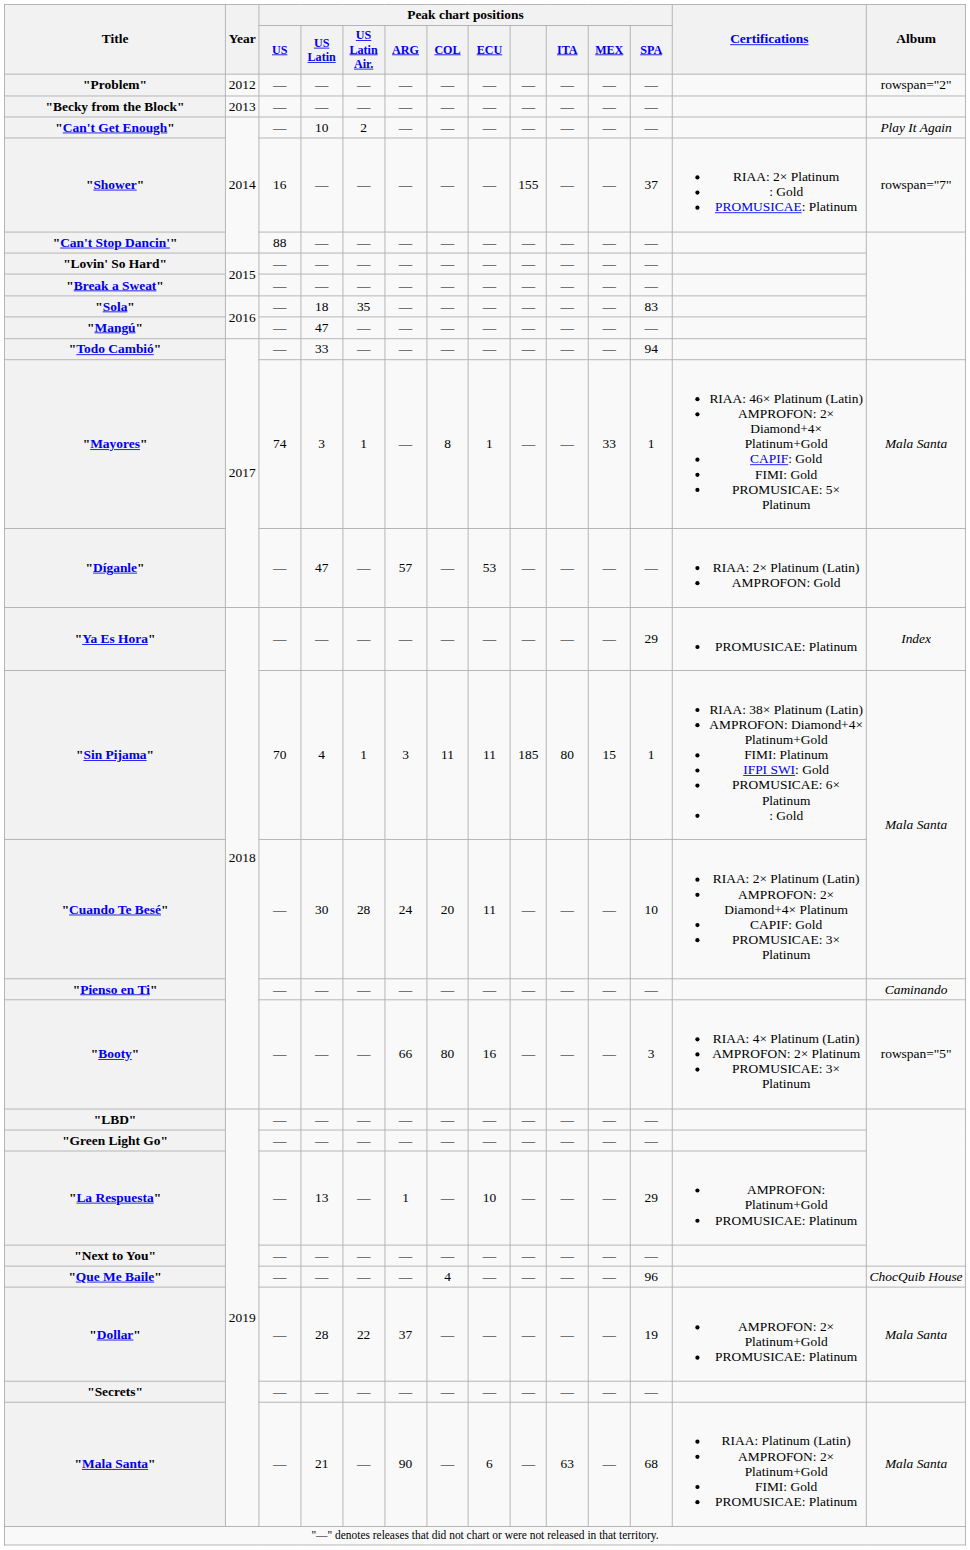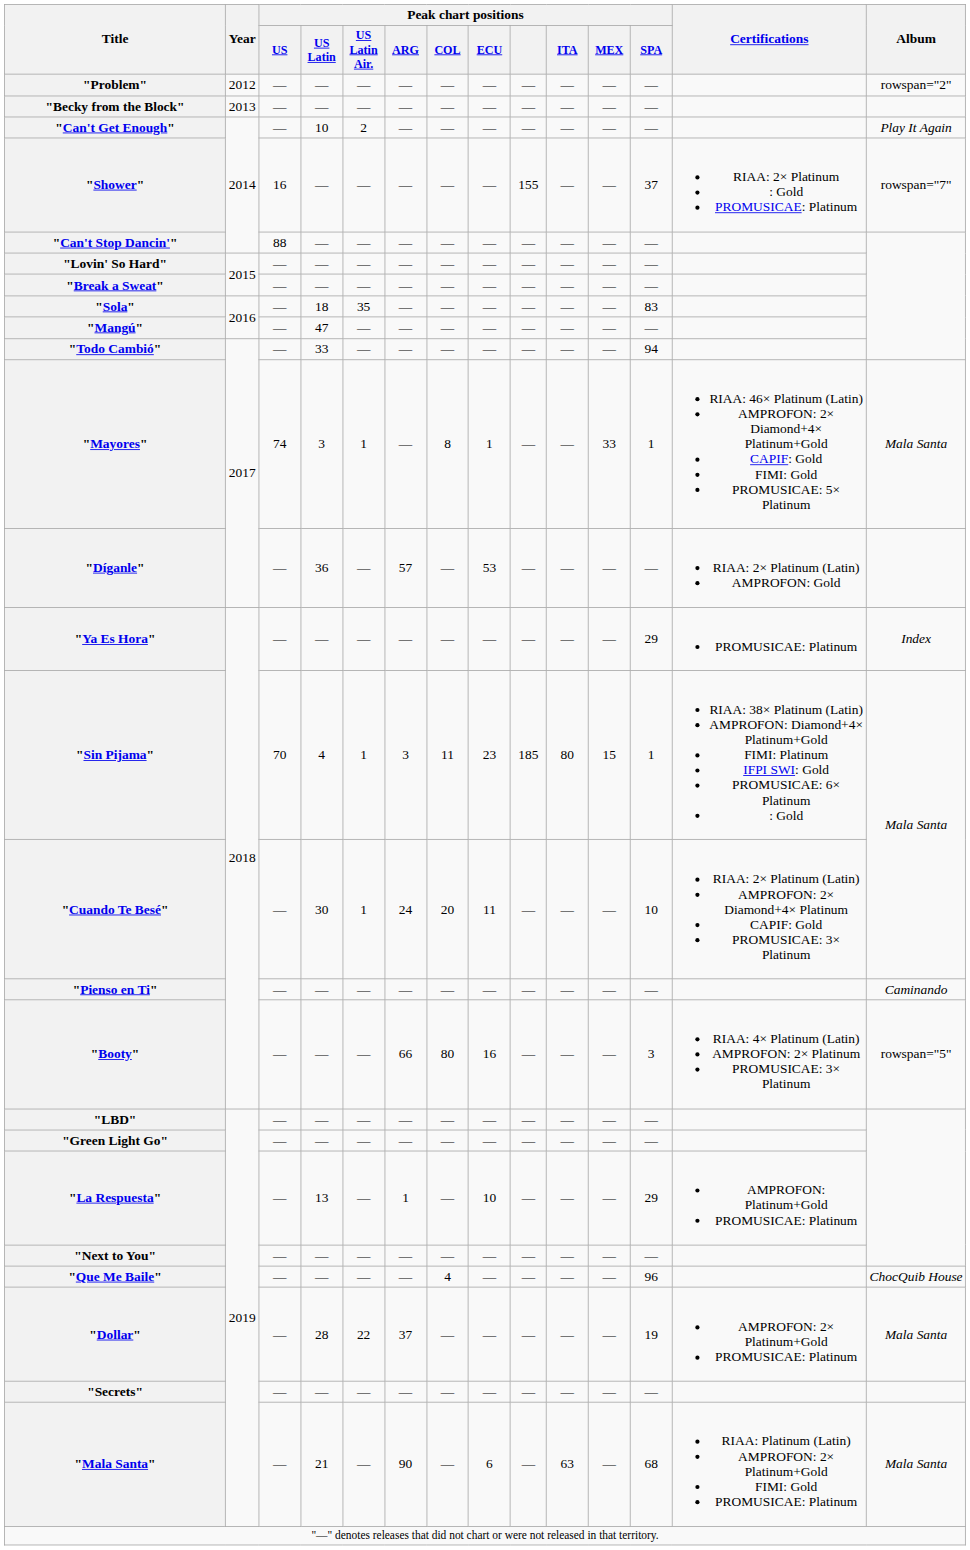 <table class="wikitable plainrowheaders" style="text-align:center;">
 <tr>
 <th scope="col" rowspan="2" style="width:16em;">Title</th>
 <th scope="col" rowspan="2" style="width:1em;">Year</th>
 <th scope="col" colspan="10">Peak chart positions</th>
 <th scope="col" rowspan="2" style="width:14em;"><a href='#'>Certifications</a></th>
 <th scope="col" rowspan="2">Album</th>
 </tr>
 <tr>
 <th scope="col" style="width:3em;font-size:90%;"><a href='#'>US</a><br></th>
 <th scope="col" style="width:3em;font-size:90%;"><a href='#'>US<br>Latin</a><br></th>
 <th scope="col" style="width:3em;font-size:90%;"><a href='#'>US<br>Latin<br>Air.</a><br></th>
 <th scope="col" style="width:3em;font-size:90%;"><a href='#'>ARG</a><br></th>
 <th scope="col" style="width:3em;font-size:90%;"><a href='#'>COL</a><br></th>
 <th scope="col" style="width:3em;font-size:90%;"><a href='#'>ECU</a><br></th>
 <th scope="col" style="width:2.5em;font-size:90%;"><a href='#'></a><br></th>
 <th scope="col" style="width:3em;font-size:90%;"><a href='#'>ITA</a><br></th>
 <th scope="col" style="width:3em;font-size:90%;"><a href='#'>MEX</a><br></th>
 <th scope="col" style="width:3em;font-size:90%;"><a href='#'>SPA</a><br></th>
 </tr>
 <tr>
 <th scope="row">"Problem"<br></th>
 <td>2012</td>
 <td>—</td>
 <td>—</td>
 <td>—</td>
 <td>—</td>
 <td>—</td>
 <td>—</td>
 <td>—</td>
 <td>—</td>
 <td>—</td>
 <td>—</td>
 <td></td>
 <td>rowspan="2" </td>
 </tr>
 <tr>
 <th scope="row">"Becky from the Block"</th>
 <td>2013</td>
 <td>—</td>
 <td>—</td>
 <td>—</td>
 <td>—</td>
 <td>—</td>
 <td>—</td>
 <td>—</td>
 <td>—</td>
 <td>—</td>
 <td>—</td>
 <td></td>
 </tr>
 <tr>
 <th scope="row">"<a href='#'>Can't Get Enough</a>"<br></th>
 <td rowspan="3">2014</td>
 <td>—</td>
 <td>10</td>
 <td>2</td>
 <td>—</td>
 <td>—</td>
 <td>—</td>
 <td>—</td>
 <td>—</td>
 <td>—</td>
 <td>—</td>
 <td></td>
 <td><em>Play It Again</em></td>
 </tr>
 <tr>
 <th scope="row">"<a href='#'>Shower</a>"</th>
 <td>16</td>
 <td>—</td>
 <td>—</td>
 <td>—</td>
 <td>—</td>
 <td>—</td>
 <td>155</td>
 <td>—</td>
 <td>—</td>
 <td>37</td>
 <td><br><ul><li>RIAA: 2× Platinum</li><li><a href='#'></a>: Gold</li><li><a href='#'>PROMUSICAE</a>: Platinum</li></ul></td>
 <td>rowspan="7" </td>
 </tr>
 <tr>
 <th scope="row">"<a href='#'>Can't Stop Dancin'</a>"</th>
 <td>88</td>
 <td>—</td>
 <td>—</td>
 <td>—</td>
 <td>—</td>
 <td>—</td>
 <td>—</td>
 <td>—</td>
 <td>—</td>
 <td>—</td>
 <td></td>
 </tr>
 <tr>
 <th scope="row">"Lovin' So Hard"</th>
 <td rowspan="2">2015</td>
 <td>—</td>
 <td>—</td>
 <td>—</td>
 <td>—</td>
 <td>—</td>
 <td>—</td>
 <td>—</td>
 <td>—</td>
 <td>—</td>
 <td>—</td>
 <td></td>
 </tr>
 <tr>
 <th scope="row">"<a href='#'>Break a Sweat</a>"</th>
 <td>—</td>
 <td>—</td>
 <td>—</td>
 <td>—</td>
 <td>—</td>
 <td>—</td>
 <td>—</td>
 <td>—</td>
 <td>—</td>
 <td>—</td>
 <td></td>
 </tr>
 <tr>
 <th scope="row">"<a href='#'>Sola</a>"</th>
 <td rowspan="2">2016</td>
 <td>—</td>
 <td>18</td>
 <td>35</td>
 <td>—</td>
 <td>—</td>
 <td>—</td>
 <td>—</td>
 <td>—</td>
 <td>—</td>
 <td>83</td>
 <td></td>
 </tr>
 <tr>
 <th scope="row">"<a href='#'>Mangú</a>"</th>
 <td>—</td>
 <td>47</td>
 <td>—</td>
 <td>—</td>
 <td>—</td>
 <td>—</td>
 <td>—</td>
 <td>—</td>
 <td>—</td>
 <td>—</td>
 <td></td>
 </tr>
 <tr>
 <th scope="row">"<a href='#'>Todo Cambió</a>"</th>
 <td rowspan="3">2017</td>
 <td>—</td>
 <td>33</td>
 <td>—</td>
 <td>—</td>
 <td>—</td>
 <td>—</td>
 <td>—</td>
 <td>—</td>
 <td>—</td>
 <td>94</td>
 <td></td>
 </tr>
 <tr>
 <th scope="row">"<a href='#'>Mayores</a>"<br></th>
 <td>74</td>
 <td>3</td>
 <td>1</td>
 <td>—</td>
 <td>8</td>
 <td>1</td>
 <td>—</td>
 <td>—</td>
 <td>33</td>
 <td>1</td>
 <td><br><ul><li>RIAA: 46× Platinum <span>(Latin)</span></li><li>AMPROFON: 2× Diamond+4× Platinum+Gold</li><li><a href='#'>CAPIF</a>: Gold</li><li>FIMI: Gold</li><li>PROMUSICAE: 5× Platinum</li></ul></td>
 <td><em>Mala Santa</em></td>
 </tr>
 <tr>
 <th scope="row">"<a href='#'>Díganle</a>"<br></th>
 <td>—</td>
-<td>47</td>
+<td>36</td>
 <td>—</td>
 <td>57</td>
 <td>—</td>
 <td>53</td>
 <td>—</td>
 <td>—</td>
 <td>—</td>
 <td>—</td>
 <td><br><ul><li>RIAA: 2× Platinum <span>(Latin)</span></li><li>AMPROFON: Gold</li></ul></td>
 <td></td>
 </tr>
 <tr>
 <th scope="row">"<a href='#'>Ya Es Hora</a>"<br></th>
 <td rowspan="5">2018</td>
 <td>—</td>
 <td>—</td>
 <td>—</td>
 <td>—</td>
 <td>—</td>
 <td>—</td>
 <td>—</td>
 <td>—</td>
 <td>—</td>
 <td>29</td>
 <td><br><ul><li>PROMUSICAE: Platinum</li></ul></td>
 <td><em>Index </em></td>
 </tr>
 <tr>
 <th scope="row">"<a href='#'>Sin Pijama</a>"<br></th>
 <td>70</td>
 <td>4</td>
 <td>1</td>
 <td>3</td>
 <td>11</td>
-<td>11</td>
+<td>23</td>
 <td>185</td>
 <td>80</td>
 <td>15</td>
 <td>1</td>
 <td><br><ul><li>RIAA: 38× Platinum <span>(Latin)</span></li><li>AMPROFON: Diamond+4× Platinum+Gold</li><li>FIMI: Platinum</li><li><a href='#'>IFPI SWI</a>: Gold</li><li>PROMUSICAE: 6× Platinum</li><li><a href='#'></a>: Gold</li></ul></td>
 <td rowspan="2"><em>Mala Santa</em></td>
 </tr>
 <tr>
 <th scope="row">"<a href='#'>Cuando Te Besé</a>"<br></th>
 <td>—</td>
 <td>30</td>
-<td>28</td>
+<td>1</td>
 <td>24</td>
 <td>20</td>
 <td>11</td>
 <td>—</td>
 <td>—</td>
 <td>—</td>
 <td>10</td>
 <td><br><ul><li>RIAA: 2× Platinum <span>(Latin)</span></li><li>AMPROFON: 2× Diamond+4× Platinum</li><li>CAPIF: Gold</li><li>PROMUSICAE: 3× Platinum</li></ul></td>
 </tr>
 <tr>
 <th scope="row">"<a href='#'>Pienso en Ti</a>"<br></th>
 <td>—</td>
 <td>—</td>
 <td>—</td>
 <td>—</td>
 <td>—</td>
 <td>—</td>
 <td>—</td>
 <td>—</td>
 <td>—</td>
 <td>—</td>
 <td></td>
 <td><em>Caminando</em></td>
 </tr>
 <tr>
 <th scope="row">"<a href='#'>Booty</a>"<br></th>
 <td>—</td>
 <td>—</td>
 <td>—</td>
 <td>66</td>
 <td>80</td>
 <td>16</td>
 <td>—</td>
 <td>—</td>
 <td>—</td>
 <td>3</td>
 <td><br><ul><li>RIAA: 4× Platinum <span>(Latin)</span></li><li>AMPROFON: 2× Platinum</li><li>PROMUSICAE: 3× Platinum</li></ul></td>
 <td>rowspan="5" </td>
 </tr>
 <tr>
 <th scope="row">"LBD"</th>
 <td rowspan="8">2019</td>
 <td>—</td>
 <td>—</td>
 <td>—</td>
 <td>—</td>
 <td>—</td>
 <td>—</td>
 <td>—</td>
 <td>—</td>
 <td>—</td>
 <td>—</td>
 <td></td>
 </tr>
 <tr>
 <th scope="row">"Green Light Go"</th>
 <td>—</td>
 <td>—</td>
 <td>—</td>
 <td>—</td>
 <td>—</td>
 <td>—</td>
 <td>—</td>
 <td>—</td>
 <td>—</td>
 <td>—</td>
 <td></td>
 </tr>
 <tr>
 <th scope="row">"<a href='#'>La Respuesta</a>"<br></th>
 <td>—</td>
 <td>13</td>
 <td>—</td>
 <td>1</td>
 <td>—</td>
 <td>10</td>
 <td>—</td>
 <td>—</td>
 <td>—</td>
 <td>29</td>
 <td><br><ul><li>AMPROFON: Platinum+Gold</li><li>PROMUSICAE: Platinum</li></ul></td>
 </tr>
 <tr>
 <th scope="row">"Next to You"<br></th>
 <td>—</td>
 <td>—</td>
 <td>—</td>
 <td>—</td>
 <td>—</td>
 <td>—</td>
 <td>—</td>
 <td>—</td>
 <td>—</td>
 <td>—</td>
 <td></td>
 </tr>
 <tr>
 <th scope="row">"<a href='#'>Que Me Baile</a>"<br></th>
 <td>—</td>
 <td>—</td>
 <td>—</td>
 <td>—</td>
 <td>4</td>
 <td>—</td>
 <td>—</td>
 <td>—</td>
 <td>—</td>
 <td>96</td>
 <td></td>
 <td><em>ChocQuib House</em></td>
 </tr>
 <tr>
 <th scope="row">"<a href='#'>Dollar</a>"<br></th>
 <td>—</td>
 <td>28</td>
 <td>22</td>
 <td>37</td>
 <td>—</td>
 <td>—</td>
 <td>—</td>
 <td>—</td>
 <td>—</td>
 <td>19</td>
 <td><br><ul><li>AMPROFON: 2× Platinum+Gold</li><li>PROMUSICAE: Platinum</li></ul></td>
 <td><em>Mala Santa</em></td>
 </tr>
 <tr>
 <th scope="row">"Secrets"</th>
 <td>—</td>
 <td>—</td>
 <td>—</td>
 <td>—</td>
 <td>—</td>
 <td>—</td>
 <td>—</td>
 <td>—</td>
 <td>—</td>
 <td>—</td>
 <td></td>
 <td></td>
 </tr>
 <tr>
 <th scope="row">"<a href='#'>Mala Santa</a>"</th>
 <td>—</td>
 <td>21</td>
 <td>—</td>
 <td>90</td>
 <td>—</td>
 <td>6</td>
 <td>—</td>
 <td>63</td>
 <td>—</td>
 <td>68</td>
 <td><br><ul><li>RIAA: Platinum <span>(Latin)</span></li><li>AMPROFON: 2× Platinum+Gold</li><li>FIMI: Gold</li><li>PROMUSICAE: Platinum</li></ul></td>
 <td><em>Mala Santa</em></td>
 </tr>
 <tr>
 <td colspan="14" style="text-align:center; font-size:85%;">"—" denotes releases that did not chart or were not released in that territory.</td>
 </tr>
 </table>
